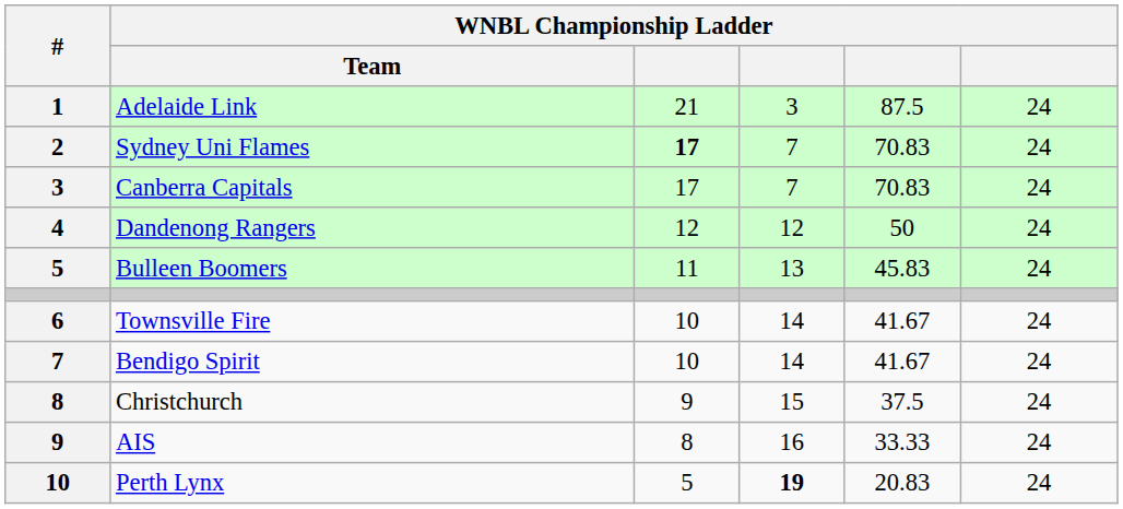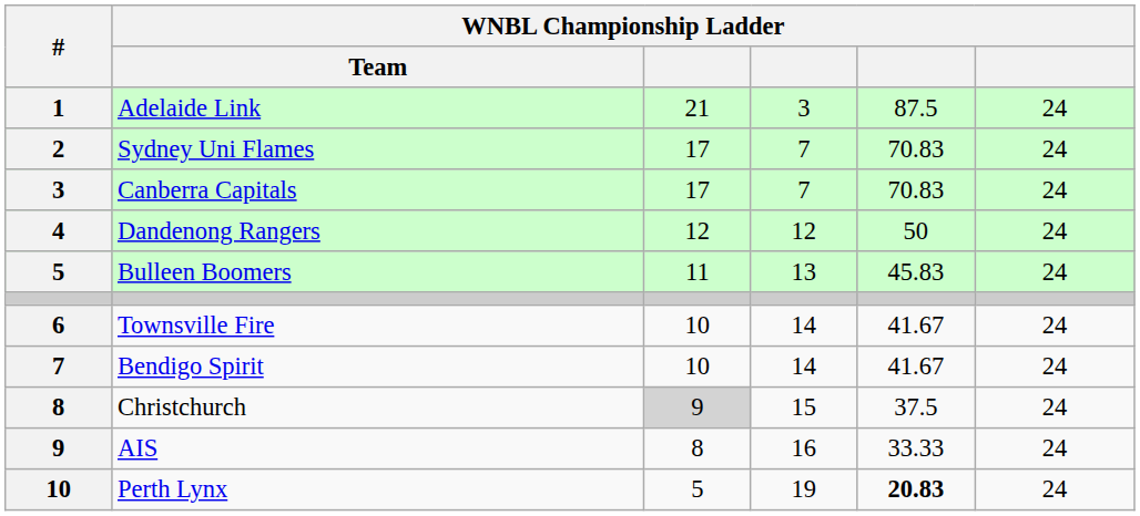 <table class="wikitable" width="43.5%" style="font-size:95%; text-align:center">
 <tr>
 <th width="5%" rowspan=2>#</th>
 <th colspan="6" align="center"><strong>WNBL Championship Ladder</strong></th>
 </tr>
 <tr>
 <th width="25%">Team</th>
 <th width="5%"></th>
 <th width="5%"></th>
 <th width="5%"></th>
 <th width="7.5%"></th>
 </tr>
 <tr style="background-color:#CCFFCC">
 <th>1</th>
 <td style="text-align:left;"><a href='#'>Adelaide Link</a></td>
 <td>21</td>
 <td>3</td>
 <td>87.5</td>
 <td>24</td>
 </tr>
 <tr style="background-color:#CCFFCC">
 <th>2</th>
 <td style="text-align:left;"><a href='#'>Sydney Uni Flames</a></td>
-<td><strong>17</strong></td>
+<td>17</td>
 <td>7</td>
 <td>70.83</td>
 <td>24</td>
 </tr>
 <tr style="background-color:#CCFFCC">
 <th>3</th>
 <td style="text-align:left;"><a href='#'>Canberra Capitals</a></td>
 <td>17</td>
 <td>7</td>
 <td>70.83</td>
 <td>24</td>
 </tr>
 <tr style="background-color:#CCFFCC">
 <th>4</th>
 <td style="text-align:left;"><a href='#'>Dandenong Rangers</a></td>
 <td>12</td>
 <td>12</td>
 <td>50</td>
 <td>24</td>
 </tr>
 <tr style="background-color:#CCFFCC">
 <th>5</th>
 <td style="text-align:left;"><a href='#'>Bulleen Boomers</a></td>
 <td>11</td>
 <td>13</td>
 <td>45.83</td>
 <td>24</td>
 </tr>
 <tr style="background-color:#cccccc;">
 <td></td>
 <td></td>
 <td></td>
 <td></td>
 <td></td>
 <td></td>
 </tr>
 <tr>
 <th>6</th>
 <td style="text-align:left;"><a href='#'>Townsville Fire</a></td>
 <td>10</td>
 <td>14</td>
 <td>41.67</td>
 <td>24</td>
 </tr>
 <tr>
 <th>7</th>
 <td style="text-align:left;"><a href='#'>Bendigo Spirit</a></td>
 <td>10</td>
 <td>14</td>
 <td>41.67</td>
 <td>24</td>
 </tr>
 <tr>
 <th>8</th>
 <td style="text-align:left;">Christchurch</td>
-<td>9</td>
+<td style="background: lightgrey;">9</td>
 <td>15</td>
 <td>37.5</td>
 <td>24</td>
 </tr>
 <tr>
 <th>9</th>
 <td style="text-align:left;"><a href='#'>AIS</a></td>
 <td>8</td>
 <td>16</td>
 <td>33.33</td>
 <td>24</td>
 </tr>
 <tr>
 <th>10</th>
 <td style="text-align:left;"><a href='#'>Perth Lynx</a></td>
 <td>5</td>
-<td><strong>19</strong></td>
-<td>20.83</td>
+<td>19</td>
+<td><strong>20.83</strong></td>
 <td>24</td>
 </tr>
 </table>
